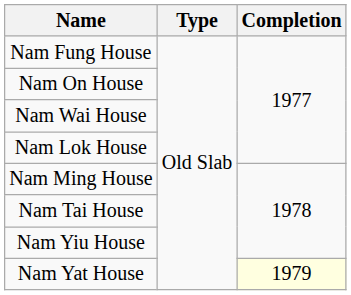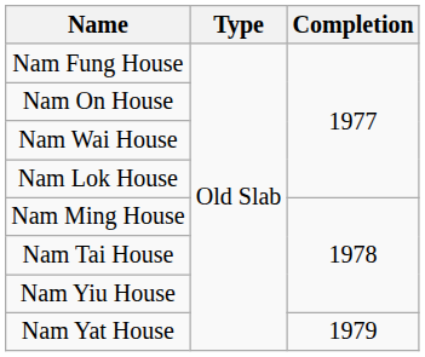 <table class="wikitable" style="text-align: center">
 <tr>
 <th>Name</th>
 <th>Type</th>
 <th>Completion</th>
 </tr>
 <tr>
 <td>Nam Fung House</td>
 <td rowspan="8">Old Slab</td>
 <td rowspan="4">1977</td>
 </tr>
 <tr>
 <td>Nam On House</td>
 </tr>
 <tr>
 <td>Nam Wai House</td>
 </tr>
 <tr>
 <td>Nam Lok House</td>
 </tr>
 <tr>
 <td>Nam Ming House</td>
 <td rowspan="3">1978</td>
 </tr>
 <tr>
 <td>Nam Tai House</td>
 </tr>
 <tr>
 <td>Nam Yiu House</td>
 </tr>
 <tr>
 <td>Nam Yat House</td>
-<td style="background: lightyellow;">1979</td>
+<td>1979</td>
 </tr>
 </table>
